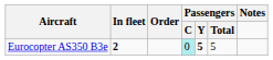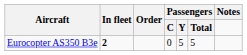 <table class="wikitable" style="margin:auto;">
 <tr>
 <th rowspan="2">Aircraft</th>
 <th rowspan="2">In fleet</th>
 <th rowspan="2">Order</th>
 <th colspan="3">Passengers</th>
 <th>Notes</th>
 </tr>
 <tr>
 <th>C</th>
 <th>Y</th>
 <th>Total</th>
 <td></td>
 </tr>
 <tr>
 <td><a href='#'>Eurocopter AS350 B3e</a></td>
 <td><strong>2</strong></td>
 <td></td>
-<td style="background: paleturquoise;">0</td>
-<td><strong>5</strong></td>
+<td>0</td>
+<td>5</td>
 <td>5</td>
 <td></td>
 </tr>
 </table>
